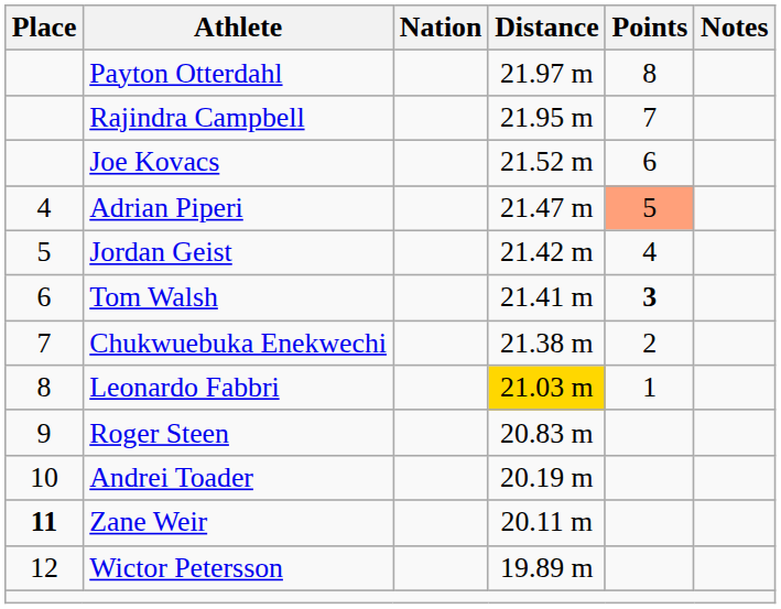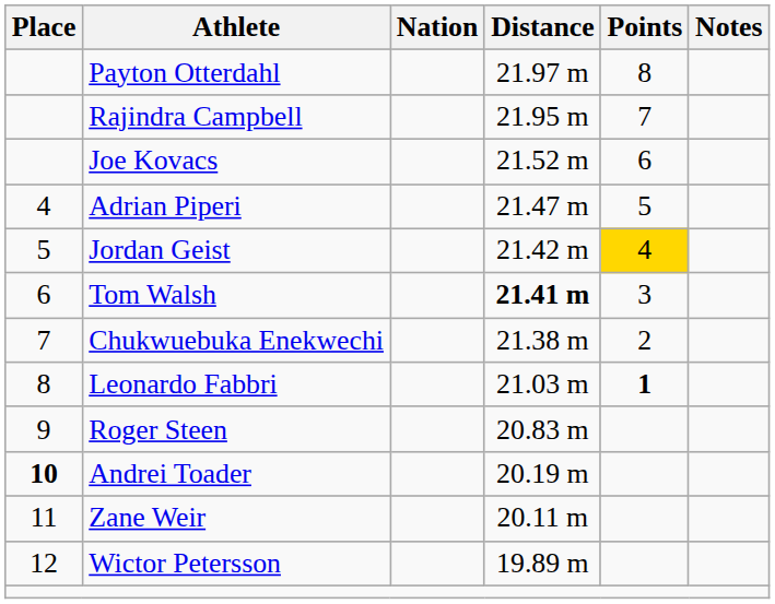 <table class="wikitable mw-datatable sortable" style="text-align:center;">
 <tr>
 <th scope="col">Place</th>
 <th scope="col">Athlete</th>
 <th scope="col">Nation</th>
 <th scope="col">Distance</th>
 <th scope="col">Points</th>
 <th scope="col">Notes</th>
 </tr>
 <tr>
 <td></td>
 <td align="left"><a href='#'>Payton Otterdahl</a></td>
 <td align="left"></td>
 <td>21.97 m</td>
 <td>8</td>
 <td></td>
 </tr>
 <tr>
 <td></td>
 <td align="left"><a href='#'>Rajindra Campbell</a></td>
 <td align="left"></td>
 <td>21.95 m</td>
 <td>7</td>
 <td></td>
 </tr>
 <tr>
 <td></td>
 <td align="left"><a href='#'>Joe Kovacs</a></td>
 <td align="left"></td>
 <td>21.52 m</td>
 <td>6</td>
 <td></td>
 </tr>
 <tr>
 <td>4</td>
 <td align="left"><a href='#'>Adrian Piperi</a></td>
 <td align="left"></td>
 <td>21.47 m</td>
-<td style="background: lightsalmon;">5</td>
+<td>5</td>
 <td></td>
 </tr>
 <tr>
 <td>5</td>
 <td align="left"><a href='#'>Jordan Geist</a></td>
 <td align="left"></td>
 <td>21.42 m</td>
-<td>4</td>
+<td style="background: gold;">4</td>
 <td></td>
 </tr>
 <tr>
 <td>6</td>
 <td align="left"><a href='#'>Tom Walsh</a></td>
 <td align="left"></td>
-<td>21.41 m</td>
-<td><strong>3</strong></td>
+<td><strong>21.41 m</strong></td>
+<td>3</td>
 <td></td>
 </tr>
 <tr>
 <td>7</td>
 <td align="left"><a href='#'>Chukwuebuka Enekwechi</a></td>
 <td align="left"></td>
 <td>21.38 m</td>
 <td>2</td>
 <td></td>
 </tr>
 <tr>
 <td>8</td>
 <td align="left"><a href='#'>Leonardo Fabbri</a></td>
 <td align="left"></td>
-<td style="background: gold;">21.03 m</td>
-<td>1</td>
+<td>21.03 m</td>
+<td><strong>1</strong></td>
 <td></td>
 </tr>
 <tr>
 <td>9</td>
 <td align="left"><a href='#'>Roger Steen</a></td>
 <td align="left"></td>
 <td>20.83 m</td>
 <td></td>
 <td></td>
 </tr>
 <tr>
-<td>10</td>
+<td><strong>10</strong></td>
 <td align="left"><a href='#'>Andrei Toader</a></td>
 <td align="left"></td>
 <td>20.19 m</td>
 <td></td>
 <td></td>
 </tr>
 <tr>
-<td><strong>11</strong></td>
+<td>11</td>
 <td align="left"><a href='#'>Zane Weir</a></td>
 <td align="left"></td>
 <td>20.11 m</td>
 <td></td>
 <td></td>
 </tr>
 <tr>
 <td>12</td>
 <td align="left"><a href='#'>Wictor Petersson</a></td>
 <td align="left"></td>
 <td>19.89 m</td>
 <td></td>
 <td></td>
 </tr>
 <tr class="sortbottom">
 <td colspan="6"></td>
 </tr>
 </table>
